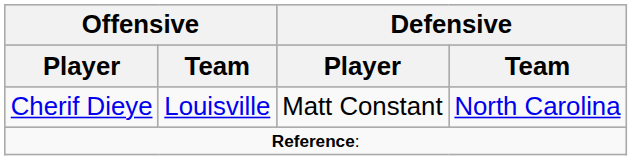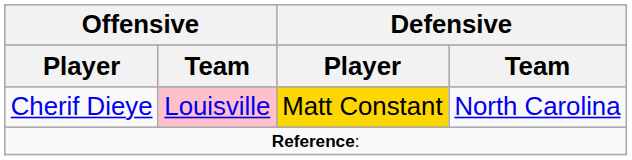 <table class="wikitable" style="text-align: center;">
 <tr>
 <th colspan="2">Offensive</th>
 <th colspan="2">Defensive</th>
 </tr>
 <tr>
 <th>Player</th>
 <th>Team</th>
 <th>Player</th>
 <th>Team</th>
 </tr>
 <tr>
 <td><a href='#'>Cherif Dieye</a></td>
-<td><a href='#'>Louisville</a></td>
-<td>Matt Constant</td>
+<td style="background: pink;"><a href='#'>Louisville</a></td>
+<td style="background: gold;">Matt Constant</td>
 <td><a href='#'>North Carolina</a></td>
 </tr>
 <tr>
 <td colspan="12"  style="font-size:8pt; text-align:center;"><strong>Reference</strong>:</td>
 </tr>
 </table>
